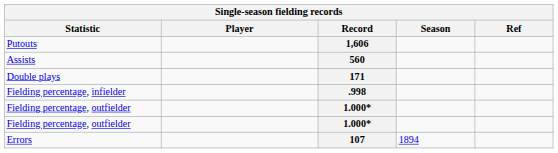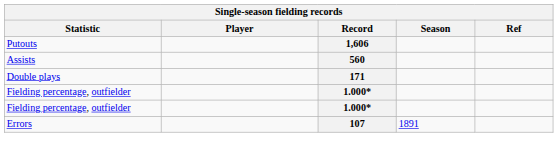 <table class="wikitable" style="text-align:left" width="69%">
 <tr>
 <th colspan=5>Single-season fielding records</th>
 </tr>
 <tr>
 <th scope="col" width=20%>Statistic</th>
 <th scope="col" width=20%>Player</th>
 <th scope="col" width=10% class="unsortable">Record</th>
 <th scope="col" width=10%>Season</th>
 <th scope="col" width=10% class="unsortable">Ref</th>
 </tr>
 <tr>
 <td><a href='#'>Putouts</a></td>
 <td></td>
 <th scope="row">1,606</th>
 <td></td>
 <td></td>
 </tr>
 <tr>
 <td><a href='#'>Assists</a></td>
 <td></td>
 <th scope="row">560</th>
 <td></td>
 <td></td>
 </tr>
 <tr>
 <td><a href='#'>Double plays</a></td>
 <td></td>
 <th scope="row">171</th>
 <td></td>
 <td></td>
 </tr>
 <tr>
-<td><a href='#'>Fielding percentage</a>, <a href='#'>infielder</a></td>
-<td></td>
-<th scope="row">.998</th>
-<td></td>
-<td></td>
-</tr>
-<tr>
 <td><a href='#'>Fielding percentage</a>, <a href='#'>outfielder</a></td>
 <td></td>
 <th scope="row">1.000*</th>
 <td></td>
 <td></td>
 </tr>
 <tr>
 <td><a href='#'>Fielding percentage</a>, <a href='#'>outfielder</a></td>
 <td></td>
 <th scope="row">1.000*</th>
 <td></td>
 <td></td>
 </tr>
 <tr>
 <td><a href='#'>Errors</a></td>
 <td></td>
 <th scope="row">107</th>
-<td><a href='#'>1894</a></td>
+<td><a href='#'>1891</a></td>
 <td></td>
 </tr>
 </table>
